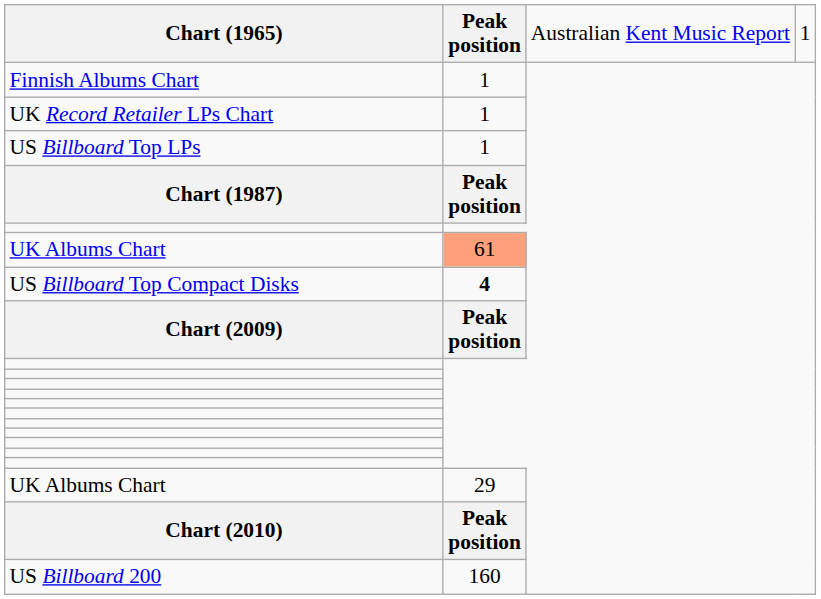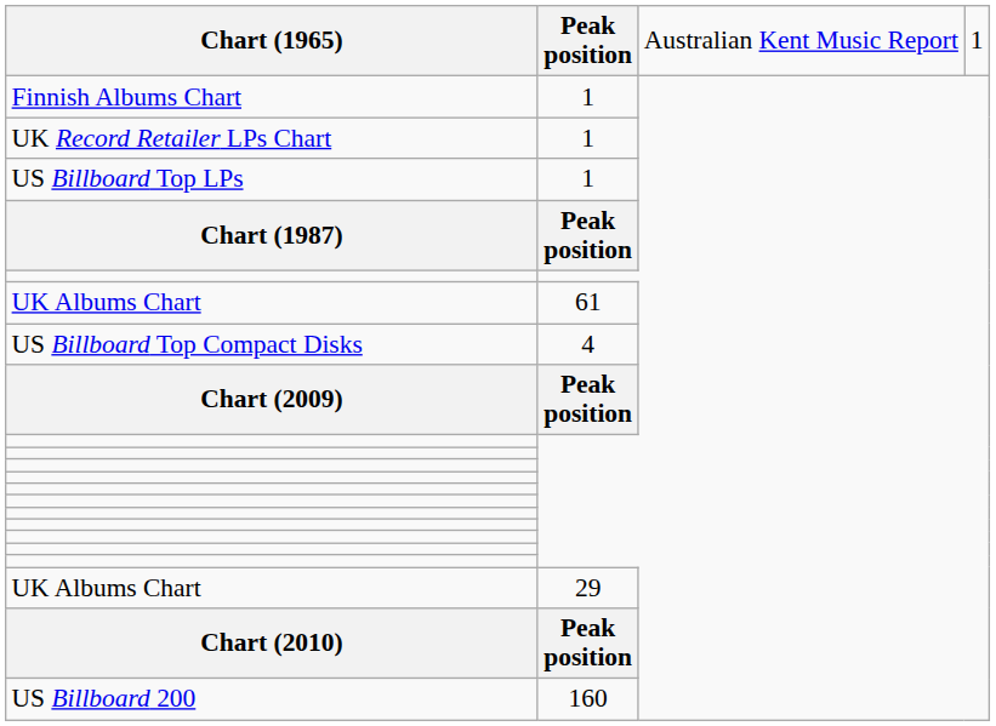 <table class="wikitable sortable">
 <tr>
 <th>Chart (1965)</th>
 <th>Peak<br>position</th>
 <td>Australian <a href='#'>Kent Music Report</a></td>
 <td align="center">1</td>
 </tr>
 <tr>
 <td><a href='#'>Finnish Albums Chart</a></td>
 <td align="center">1</td>
 </tr>
 <tr>
 <td align="left">UK <a href='#'><em>Record Retailer</em> LPs Chart</a></td>
 <td style="text-align:center;">1</td>
 </tr>
 <tr>
 <td align="left">US <a href='#'><em>Billboard</em> Top LPs</a></td>
 <td align="center">1</td>
 </tr>
 <tr>
 <th style="width:20em;">Chart (1987)</th>
 <th>Peak<br>position</th>
 </tr>
 <tr>
 <td></td>
 </tr>
 <tr>
 <td align="left"><a href='#'>UK Albums Chart</a></td>
-<td align="center" style="background: lightsalmon;">61</td>
+<td align="center">61</td>
 </tr>
 <tr>
 <td align="left">US <a href='#'><em>Billboard</em> Top Compact Disks</a></td>
-<td align="center"><strong>4</strong></td>
+<td align="center">4</td>
 </tr>
 <tr>
 <th style="width:20em;">Chart (2009)</th>
 <th>Peak<br>position</th>
 </tr>
 <tr>
 <td></td>
 </tr>
 <tr>
 <td></td>
 </tr>
 <tr>
 <td></td>
 </tr>
 <tr>
 <td></td>
 </tr>
 <tr>
 <td></td>
 </tr>
 <tr>
 <td></td>
 </tr>
 <tr>
 <td></td>
 </tr>
 <tr>
 <td></td>
 </tr>
 <tr>
 <td></td>
 </tr>
 <tr>
 <td></td>
 </tr>
 <tr>
 <td></td>
 </tr>
 <tr>
 <td align="left">UK Albums Chart</td>
 <td align="center">29</td>
 </tr>
 <tr>
 <th style="width:20em;">Chart (2010)</th>
 <th>Peak<br>position</th>
 </tr>
 <tr>
 <td>US <a href='#'><em>Billboard</em> 200</a></td>
 <td align="center">160</td>
 </tr>
 </table>
